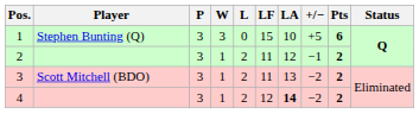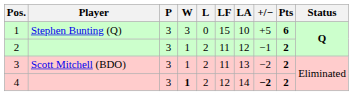 <table class="wikitable" style="text-align:center; margin: 1em auto 1em auto, align:left">
 <tr>
 <th width=20>Pos.</th>
 <th width=185>Player</th>
 <th width=20>P</th>
 <th width=20>W</th>
 <th width=20>L</th>
 <th width=20>LF</th>
 <th width=20>LA</th>
 <th width=25>+/−</th>
 <th width=20>Pts</th>
 <th width=70>Status</th>
 </tr>
 <tr style="background:#CCFFCC;">
 <td>1</td>
 <td align=left> <a href='#'>Stephen Bunting</a> (Q)</td>
 <td>3</td>
 <td>3</td>
 <td>0</td>
 <td>15</td>
 <td>10</td>
 <td>+5</td>
 <td><strong>6</strong></td>
 <td rowspan=2><strong>Q</strong></td>
 </tr>
 <tr style="background:#CCFFCC;">
 <td>2</td>
 <td align=left></td>
 <td>3</td>
 <td>1</td>
 <td>2</td>
 <td>11</td>
 <td>12</td>
 <td>−1</td>
 <td><strong>2</strong></td>
 </tr>
 <tr style="background:#FFCCCC;">
 <td>3</td>
 <td align=left> <a href='#'>Scott Mitchell</a> (BDO)</td>
 <td>3</td>
 <td>1</td>
 <td>2</td>
 <td>11</td>
 <td>13</td>
 <td>−2</td>
 <td><strong>2</strong></td>
 <td rowspan=2>Eliminated</td>
 </tr>
 <tr style="background:#FFCCCC;">
 <td>4</td>
 <td align=left></td>
 <td>3</td>
-<td>1</td>
+<td><strong>1</strong></td>
 <td>2</td>
 <td>12</td>
-<td><strong>14</strong></td>
-<td>−2</td>
+<td>14</td>
+<td><strong>−2</strong></td>
 <td><strong>2</strong></td>
 </tr>
 </table>
